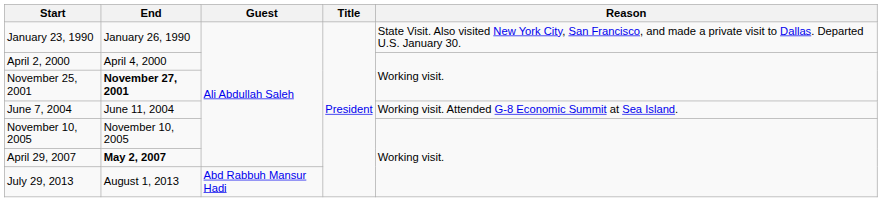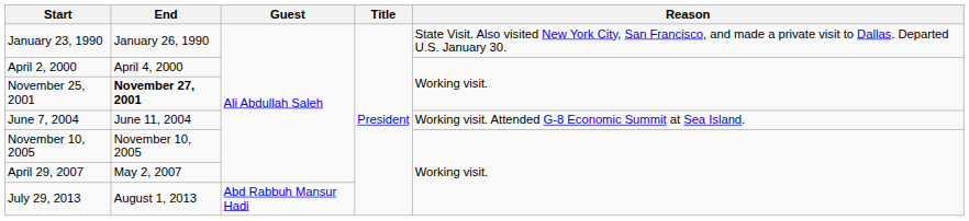 <table class="wikitable sortable">
 <tr>
 <th>Start</th>
 <th>End</th>
 <th>Guest</th>
 <th>Title</th>
 <th>Reason</th>
 </tr>
 <tr>
 <td>January 23, 1990</td>
 <td>January 26, 1990</td>
 <td rowspan=6><a href='#'>Ali Abdullah Saleh</a></td>
 <td rowspan=7><a href='#'>President</a></td>
 <td>State Visit. Also visited <a href='#'>New York City</a>, <a href='#'>San Francisco</a>, and made a private visit to <a href='#'>Dallas</a>. Departed U.S. January 30.</td>
 </tr>
 <tr>
 <td>April 2, 2000</td>
 <td>April 4, 2000</td>
 <td rowspan=2>Working visit.</td>
 </tr>
 <tr>
 <td>November 25, 2001</td>
 <td><strong>November 27, 2001</strong></td>
 </tr>
 <tr>
 <td>June 7, 2004</td>
 <td>June 11, 2004</td>
 <td>Working visit. Attended <a href='#'>G-8 Economic Summit</a> at <a href='#'>Sea Island</a>.</td>
 </tr>
 <tr>
 <td>November 10, 2005</td>
 <td>November 10, 2005</td>
 <td rowspan=3>Working visit.</td>
 </tr>
 <tr>
 <td>April 29, 2007</td>
-<td><strong>May 2, 2007</strong></td>
+<td>May 2, 2007</td>
 </tr>
 <tr>
 <td>July 29, 2013</td>
 <td>August 1, 2013</td>
 <td><a href='#'>Abd Rabbuh Mansur Hadi</a></td>
 </tr>
 </table>
